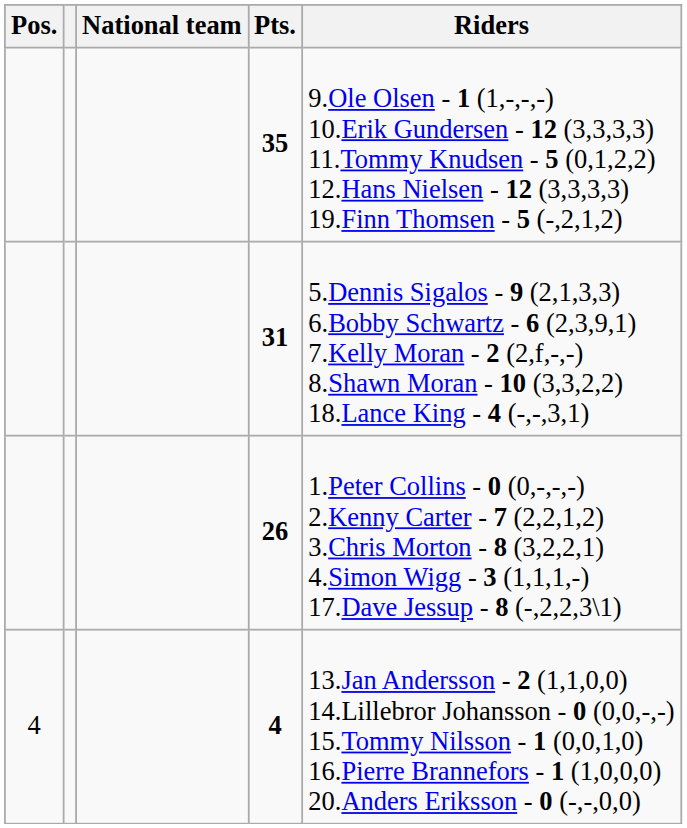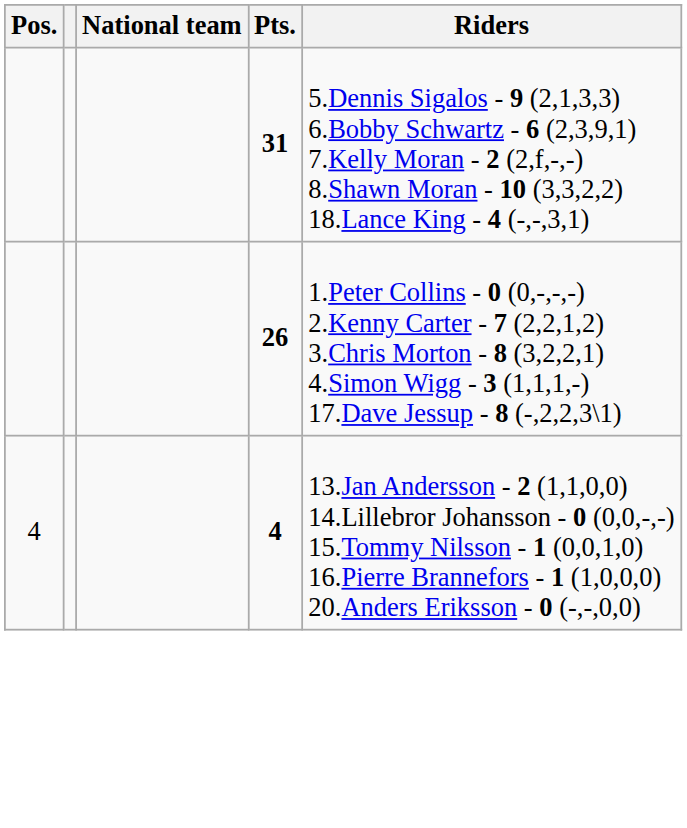 <table class=wikitable style="font-size:93%;">
 <tr>
 <th>Pos.</th>
 <th></th>
 <th>National team</th>
 <th>Pts.</th>
 <th>Riders</th>
-</tr>
-<tr align=center >
-<td></td>
-<td></td>
-<td align=left></td>
-<td><strong>35</strong></td>
-<td align=left><br>9.<a href='#'>Ole Olsen</a> - <strong>1</strong> (1,-,-,-) <br> 10.<a href='#'>Erik Gundersen</a> - <strong>12</strong> (3,3,3,3) <br> 11.<a href='#'>Tommy Knudsen</a> - <strong>5</strong> (0,1,2,2) <br> 12.<a href='#'>Hans Nielsen</a> - <strong>12</strong> (3,3,3,3) <br> 19.<a href='#'>Finn Thomsen</a> - <strong>5</strong> (-,2,1,2) <br></td>
 </tr>
 <tr align=center >
 <td></td>
 <td></td>
 <td align=left></td>
 <td><strong>31</strong></td>
 <td align=left><br>5.<a href='#'>Dennis Sigalos</a> - <strong>9</strong> (2,1,3,3) <br> 6.<a href='#'>Bobby Schwartz</a> - <strong>6</strong> (2,3,9,1) <br> 7.<a href='#'>Kelly Moran</a> - <strong>2</strong> (2,f,-,-) <br> 8.<a href='#'>Shawn Moran</a> - <strong>10</strong> (3,3,2,2) <br> 18.<a href='#'>Lance King</a> - <strong>4</strong> (-,-,3,1)</td>
 </tr>
 <tr align=center >
 <td></td>
 <td></td>
 <td align=left></td>
 <td><strong>26</strong></td>
 <td align=left><br>1.<a href='#'>Peter Collins</a> - <strong>0</strong> (0,-,-,-)<br> 2.<a href='#'>Kenny Carter</a> - <strong>7</strong> (2,2,1,2) <br> 3.<a href='#'>Chris Morton</a> - <strong>8</strong> (3,2,2,1) <br> 4.<a href='#'>Simon Wigg</a> - <strong>3</strong> (1,1,1,-) <br> 17.<a href='#'>Dave Jessup</a> - <strong>8</strong> (-,2,2,3\1)</td>
 </tr>
 <tr align=center>
 <td>4</td>
 <td></td>
 <td align=left></td>
 <td><strong>4</strong></td>
 <td align=left><br>13.<a href='#'>Jan Andersson</a> - <strong>2</strong> (1,1,0,0) <br> 14.Lillebror Johansson - <strong>0</strong> (0,0,-,-) <br> 15.<a href='#'>Tommy Nilsson</a> - <strong>1</strong> (0,0,1,0) <br> 16.<a href='#'>Pierre Brannefors</a> - <strong>1</strong> (1,0,0,0) <br> 20.<a href='#'>Anders Eriksson</a> - <strong>0</strong> (-,-,0,0) <br></td>
 </tr>
 </table>
